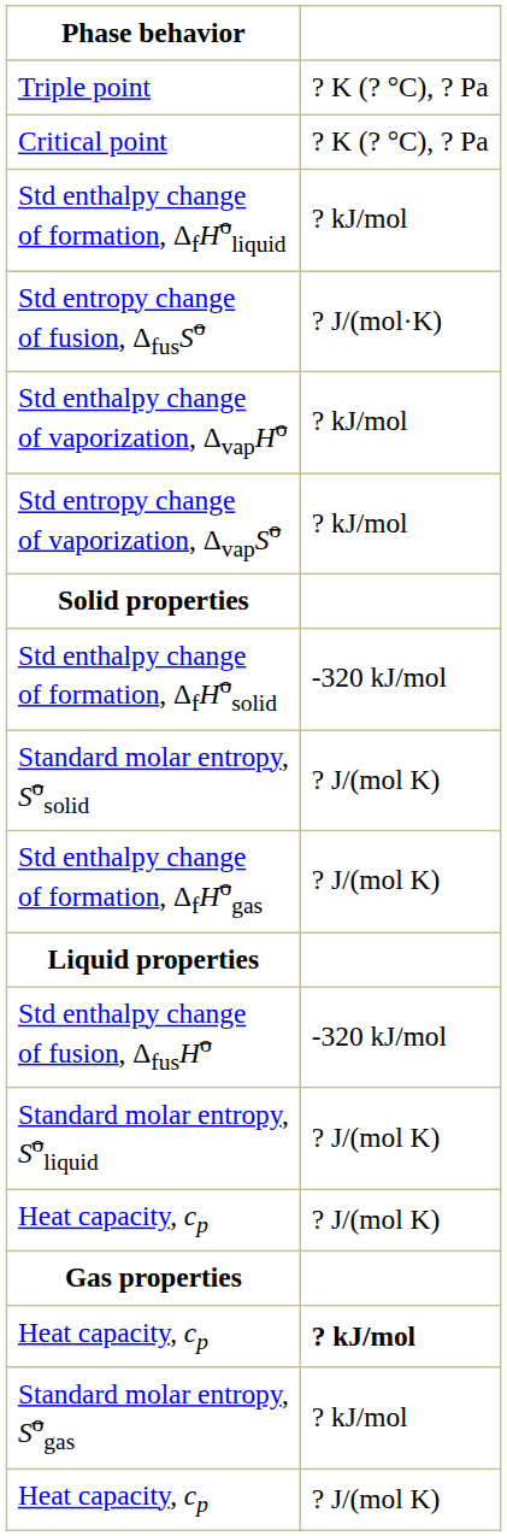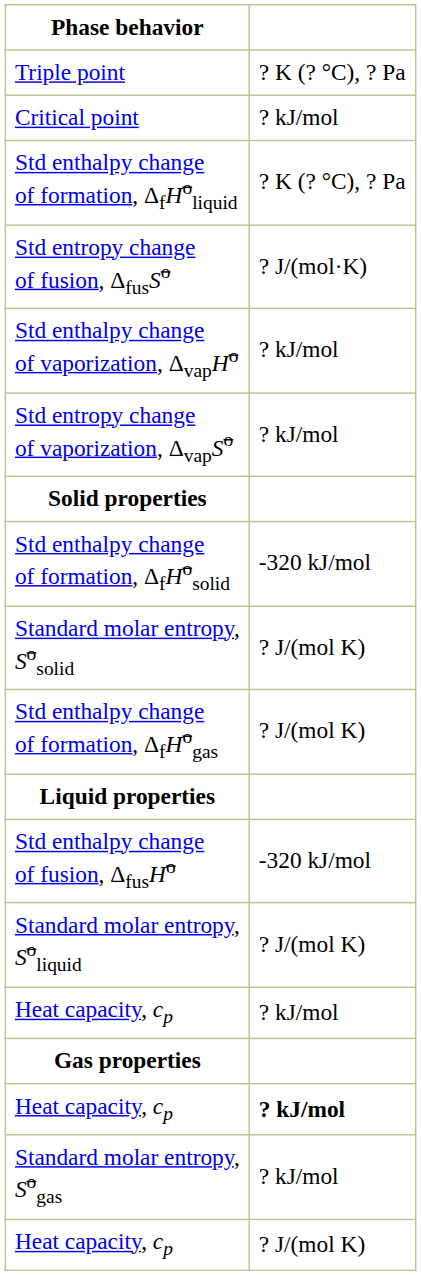 <table border="1" cellspacing="0" cellpadding="6" style="margin: 0 0 0 0.5em; background: #FFFFFF; border-collapse: collapse; border-color: #C0C090;">
 <tr>
 <th>Phase behavior</th>
 </tr>
 <tr>
 <td><a href='#'>Triple point</a></td>
 <td>? K (? °C), ? Pa</td>
 </tr>
 <tr>
 <td><a href='#'>Critical point</a></td>
-<td>? K (? °C), ? Pa</td>
+<td>? kJ/mol</td>
 </tr>
 <tr>
 <td><a href='#'>Std enthalpy change<br>of formation</a>, Δ<sub>f</sub><em>H</em><sup><s>o</s></sup><sub>liquid</sub></td>
-<td>? kJ/mol</td>
+<td>? K (? °C), ? Pa</td>
 </tr>
 <tr>
 <td><a href='#'>Std entropy change<br>of fusion</a>, Δ<sub>fus</sub><em>S</em><sup><s>o</s></sup></td>
 <td>? J/(mol·K)</td>
 </tr>
 <tr>
 <td><a href='#'>Std enthalpy change<br>of vaporization</a>, Δ<sub>vap</sub><em>H</em><sup><s>o</s></sup></td>
 <td>? kJ/mol</td>
 </tr>
 <tr>
 <td><a href='#'>Std entropy change<br>of vaporization</a>, Δ<sub>vap</sub><em>S</em><sup><s>o</s></sup></td>
 <td>? kJ/mol</td>
 </tr>
 <tr>
 <th>Solid properties</th>
 </tr>
 <tr>
 <td><a href='#'>Std enthalpy change<br>of formation</a>, Δ<sub>f</sub><em>H</em><sup><s>o</s></sup><sub>solid</sub></td>
 <td>-320 kJ/mol</td>
 </tr>
 <tr>
 <td><a href='#'>Standard molar entropy</a>,<br><em>S</em><sup><s>o</s></sup><sub>solid</sub></td>
 <td>? J/(mol K)</td>
 </tr>
 <tr>
 <td><a href='#'>Std enthalpy change<br>of formation</a>, Δ<sub>f</sub><em>H</em><sup><s>o</s></sup><sub>gas</sub></td>
 <td>? J/(mol K)</td>
 </tr>
 <tr>
 <th>Liquid properties</th>
 </tr>
 <tr>
 <td><a href='#'>Std enthalpy change<br>of fusion</a>, Δ<sub>fus</sub><em>H</em><sup><s>o</s></sup></td>
 <td>-320 kJ/mol</td>
 </tr>
 <tr>
 <td><a href='#'>Standard molar entropy</a>,<br><em>S</em><sup><s>o</s></sup><sub>liquid</sub></td>
 <td>? J/(mol K)</td>
 </tr>
 <tr>
 <td><a href='#'>Heat capacity</a>, <em>c<sub>p</sub></em></td>
-<td>? J/(mol K)</td>
+<td>? kJ/mol</td>
 </tr>
 <tr>
 <th>Gas properties</th>
 </tr>
 <tr>
 <td><a href='#'>Heat capacity</a>, <em>c<sub>p</sub></em></td>
 <td><strong>? kJ/mol</strong></td>
 </tr>
 <tr>
 <td><a href='#'>Standard molar entropy</a>,<br><em>S</em><sup><s>o</s></sup><sub>gas</sub></td>
 <td>? kJ/mol</td>
 </tr>
 <tr>
 <td><a href='#'>Heat capacity</a>, <em>c<sub>p</sub></em></td>
 <td>? J/(mol K)</td>
 </tr>
 <tr>
 </tr>
 </table>
